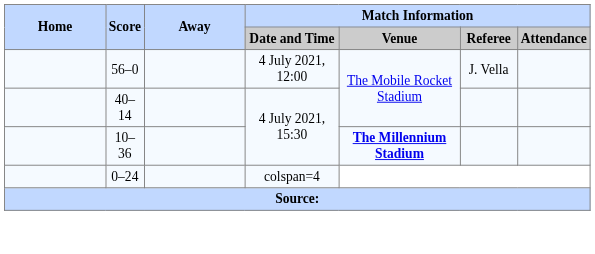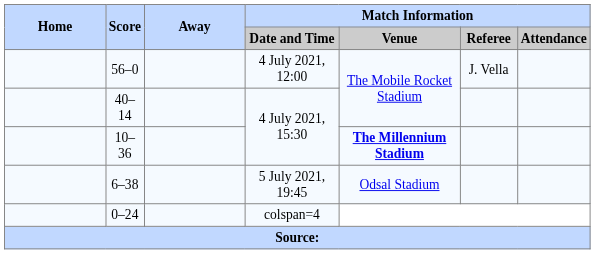 <table border=1 style="border-collapse:collapse; font-size:90%; text-align:center;" cellpadding=3 cellspacing=0 width=100%>
 <tr style="background:#C1D8ff;">
 <th scope="col" rowspan=2 width=19%>Home</th>
 <th scope="col" rowspan=2 width=6%>Score</th>
 <th scope="col" rowspan=2 width=19%>Away</th>
 <th colspan=4>Match Information</th>
 </tr>
 <tr style="background:#CCCCCC;">
 <th scope="col" width=17%>Date and Time</th>
 <th scope="col" width=22%>Venue</th>
 <th scope="col" width=10%>Referee</th>
 <th scope="col" width=7%>Attendance</th>
 </tr>
 <tr style="background:#F5FAFF;">
 <td></td>
 <td>56–0</td>
 <td></td>
 <td>4 July 2021, 12:00</td>
 <td Rowspan=2><a href='#'>The Mobile Rocket Stadium</a></td>
 <td>J. Vella</td>
 <td></td>
 </tr>
 <tr style="background:#F5FAFF;">
 <td></td>
 <td>40–14</td>
 <td></td>
 <td Rowspan=2>4 July 2021, 15:30</td>
 <td></td>
 <td></td>
 </tr>
 <tr style="background:#F5FAFF;">
 <td></td>
 <td>10–36</td>
 <td></td>
 <td><strong><a href='#'>The Millennium Stadium</a></strong></td>
 <td></td>
 <td></td>
 </tr>
 <tr style="background:#F5FAFF;">
 <td></td>
+<td>6–38</td>
+<td></td>
+<td>5 July 2021, 19:45</td>
+<td><a href='#'>Odsal Stadium</a></td>
+<td></td>
+<td></td>
+</tr>
+<tr style="background:#F5FAFF;">
+<td></td>
 <td>0–24</td>
 <td></td>
 <td>colspan=4 </td>
 </tr>
 <tr style="background:#c1d8ff;">
 <th colspan=7>Source:</th>
 </tr>
 </table>
